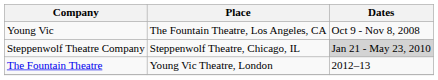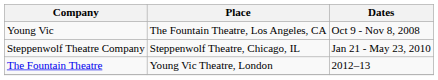 <table class="wikitable">
 <tr>
 <th>Company</th>
 <th>Place</th>
 <th>Dates</th>
 </tr>
 <tr>
 <td>Young Vic</td>
 <td>The Fountain Theatre, Los Angeles, CA</td>
 <td>Oct 9 - Nov 8, 2008</td>
 </tr>
 <tr>
 <td>Steppenwolf Theatre Company</td>
 <td>Steppenwolf Theatre, Chicago, IL</td>
-<td style="background: lightgrey;">Jan 21 - May 23, 2010</td>
+<td>Jan 21 - May 23, 2010</td>
 </tr>
 <tr>
 <td><a href='#'>The Fountain Theatre</a></td>
 <td>Young Vic Theatre, London</td>
 <td>2012–13 </td>
 </tr>
 <tr>
 </tr>
 </table>
